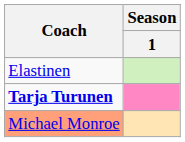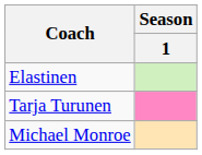 <table class="wikitable">
 <tr>
 <th rowspan="2">Coach</th>
 <th colspan="2">Season</th>
 </tr>
 <tr>
 <th width="40">1</th>
 </tr>
 <tr>
 <td><a href='#'>Elastinen</a></td>
 <td colspan="1" style="background:#d0f0c0"></td>
 </tr>
 <tr>
-<td><strong><a href='#'>Tarja Turunen</a></strong></td>
+<td><a href='#'>Tarja Turunen</a></td>
 <td colspan="1" style="background:#FF87C3"></td>
 </tr>
 <tr>
-<td style="background: lightsalmon;"><a href='#'>Michael Monroe</a></td>
+<td><a href='#'>Michael Monroe</a></td>
 <td colspan="1" style="background:#ffe5b4"></td>
 </tr>
 </table>
